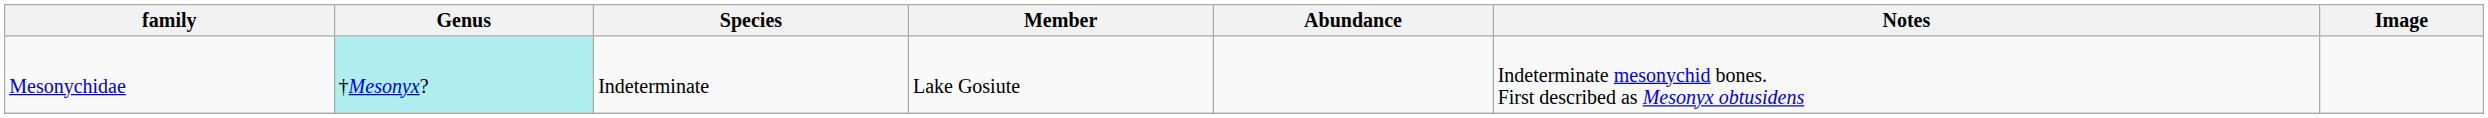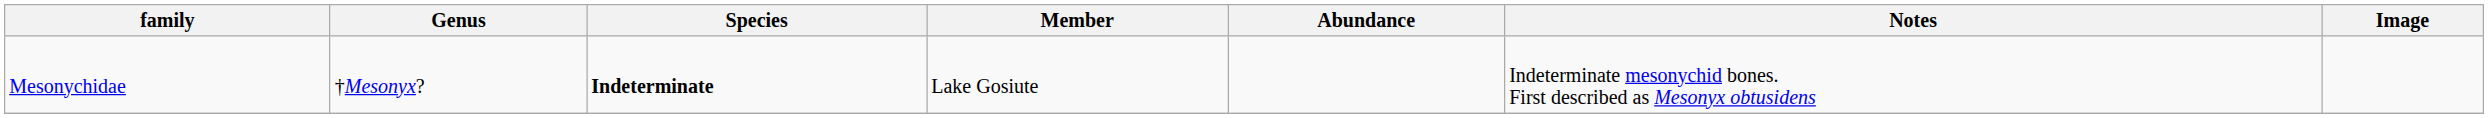 <table class="wikitable" style="margin:auto;width:100%;">
 <tr>
 <th>family</th>
 <th>Genus</th>
 <th>Species</th>
 <th>Member</th>
 <th>Abundance</th>
 <th>Notes</th>
 <th>Image</th>
 </tr>
 <tr>
 <td><br><a href='#'>Mesonychidae</a></td>
-<td style="background: paleturquoise;"><br>†<em><a href='#'>Mesonyx</a></em>?</td>
-<td><br>Indeterminate</td>
+<td><br>†<em><a href='#'>Mesonyx</a></em>?</td>
+<td><strong><br>Indeterminate</strong></td>
 <td><br>Lake Gosiute</td>
 <td></td>
 <td><br>Indeterminate <a href='#'>mesonychid</a> bones.<br>First described as <em><a href='#'>Mesonyx obtusidens</a></em> </td>
 <td></td>
 </tr>
 <tr>
 </tr>
 </table>
